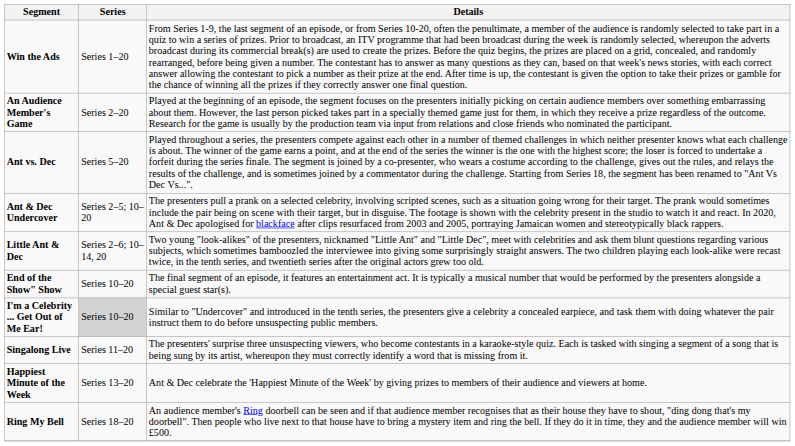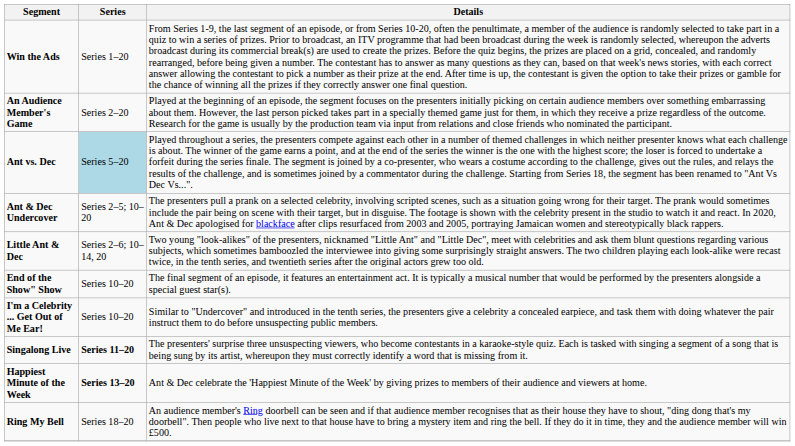 <table class="wikitable plainrowheaders sticky-header">
 <tr>
 <th scope="col">Segment</th>
 <th scope="col" width="100">Series</th>
 <th scope="col">Details</th>
 </tr>
 <tr>
 <td><strong>Win the Ads</strong></td>
 <td>Series 1–20</td>
 <td>From Series 1-9, the last segment of an episode, or from Series 10-20, often the penultimate, a member of the audience is randomly selected to take part in a quiz to win a series of prizes. Prior to broadcast, an ITV programme that had been broadcast during the week is randomly selected, whereupon the adverts broadcast during its commercial break(s) are used to create the prizes. Before the quiz begins, the prizes are placed on a grid, concealed, and randomly rearranged, before being given a number. The contestant has  to answer as many questions as they can, based on that week's news stories, with each correct answer allowing the contestant to pick a number as their prize at the end. After time is up, the contestant is given the option to take their prizes or gamble for the chance of winning all the prizes if they correctly answer one final question.</td>
 </tr>
 <tr>
 <td><strong>An Audience Member's Game</strong></td>
 <td>Series 2–20</td>
 <td>Played at the beginning of an episode, the segment focuses on the presenters initially picking on certain audience members over something embarrassing about them. However, the last person picked takes part in a specially themed game just for them, in which they receive a prize regardless of the outcome. Research for the game is usually by the production team via input from relations and close friends who nominated the participant.</td>
 </tr>
 <tr>
 <td><strong>Ant vs. Dec</strong></td>
-<td>Series 5–20</td>
+<td style="background: lightblue;">Series 5–20</td>
 <td>Played throughout a series, the presenters compete against each other in a number of themed challenges in which neither presenter knows what each challenge is about. The winner of the game earns a point, and at the end of the series the winner is the one with the highest score; the loser is forced to undertake a forfeit during the series finale. The segment is joined by a co-presenter, who wears a costume according to the challenge, gives out the rules, and relays the results of the challenge, and is sometimes joined by a commentator during the challenge. Starting from Series 18, the segment has been renamed to "Ant Vs Dec Vs...".</td>
 </tr>
 <tr>
 <td><strong>Ant & Dec Undercover</strong></td>
 <td>Series 2–5; 10–20</td>
 <td>The presenters pull a prank on a selected celebrity, involving scripted scenes, such as a situation going wrong for their target. The prank would sometimes include the pair being on scene with their target, but in disguise. The footage is shown with the celebrity present in the studio to watch it and react. In 2020, Ant & Dec apologised for <a href='#'>blackface</a> after clips resurfaced from 2003 and 2005, portraying Jamaican women and stereotypically black rappers.</td>
 </tr>
 <tr>
 <td><strong>Little Ant & Dec</strong></td>
 <td>Series 2–6; 10–14, 20</td>
 <td>Two young "look-alikes" of the presenters, nicknamed "Little Ant" and "Little Dec", meet with celebrities and ask them blunt questions regarding various subjects, which sometimes bamboozled the interviewee into giving some surprisingly straight answers. The two children playing each look-alike were recast twice, in the tenth series, and twentieth series after the original actors grew too old.</td>
 </tr>
 <tr>
 <td><strong>End of the Show" Show</strong></td>
 <td>Series 10–20</td>
 <td>The final segment of an episode, it features an entertainment act. It is typically a musical number that would be performed by the presenters alongside a special guest star(s).</td>
 </tr>
 <tr>
 <td><strong>I'm a Celebrity ... Get Out of Me Ear!</strong></td>
-<td style="background: lightgrey;">Series 10–20</td>
+<td>Series 10–20</td>
 <td>Similar to "Undercover" and introduced in the tenth series, the presenters give a celebrity a concealed earpiece, and task them with doing whatever the pair instruct them to do before unsuspecting public members.</td>
 </tr>
 <tr>
 <td><strong>Singalong Live</strong></td>
-<td>Series 11–20</td>
+<td><strong>Series 11–20</strong></td>
 <td>The presenters' surprise three unsuspecting viewers, who become contestants in a karaoke-style quiz. Each is tasked with singing a segment of a song that is being sung by its artist, whereupon they must correctly identify a word that is missing from it.</td>
 </tr>
 <tr>
 <td><strong>Happiest Minute of the Week</strong></td>
-<td>Series 13–20</td>
+<td><strong>Series 13–20</strong></td>
 <td>Ant & Dec celebrate the 'Happiest Minute of the Week' by giving prizes to members of their audience and viewers at home.</td>
 </tr>
 <tr>
 <td><strong>Ring My Bell</strong></td>
 <td>Series 18–20</td>
 <td>An audience member's <a href='#'>Ring</a> doorbell can be seen and if that audience member recognises that as their house they have to shout, "ding dong that's my doorbell". Then people who live next to that house have  to bring a mystery item and ring the bell. If they do it in time, they and the audience member will win £500.</td>
 </tr>
 <tr>
 </tr>
 </table>
